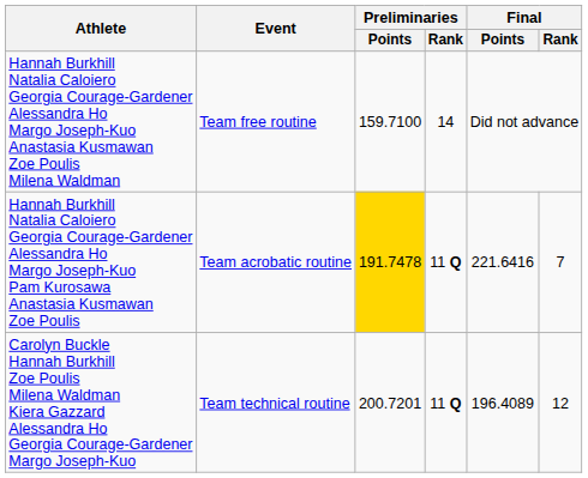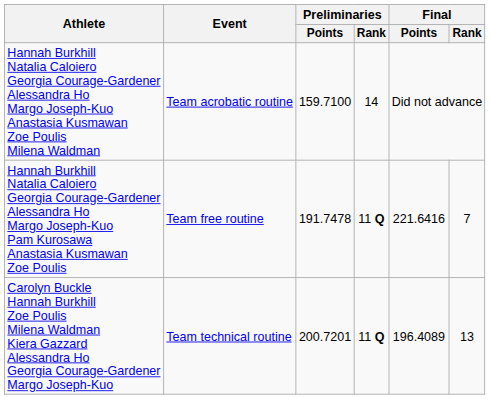 <table class="wikitable" style="text-align:center; font-size:90%;">
 <tr>
 <th rowspan="2">Athlete</th>
 <th rowspan="2">Event</th>
 <th colspan="2">Preliminaries</th>
 <th colspan="2">Final</th>
 </tr>
 <tr style="font-size:95%">
 <th>Points</th>
 <th>Rank</th>
 <th>Points</th>
 <th>Rank</th>
 </tr>
 <tr>
 <td align=left><a href='#'>Hannah Burkhill</a> <br> <a href='#'>Natalia Caloiero</a> <br> <a href='#'>Georgia Courage-Gardener</a> <br> <a href='#'>Alessandra Ho</a> <br> <a href='#'>Margo Joseph-Kuo</a> <br> <a href='#'>Anastasia Kusmawan</a> <br> <a href='#'>Zoe Poulis</a> <br> <a href='#'>Milena Waldman</a></td>
-<td align=left><a href='#'>Team free routine</a></td>
+<td align=left><a href='#'>Team acrobatic routine</a></td>
 <td>159.7100</td>
 <td>14</td>
 <td colspan=2>Did not advance</td>
 </tr>
 <tr>
 <td align=left><a href='#'>Hannah Burkhill</a> <br> <a href='#'>Natalia Caloiero</a> <br> <a href='#'>Georgia Courage-Gardener</a> <br> <a href='#'>Alessandra Ho</a> <br> <a href='#'>Margo Joseph-Kuo</a> <br> <a href='#'>Pam Kurosawa</a> <br> <a href='#'>Anastasia Kusmawan</a> <br> <a href='#'>Zoe Poulis</a> <br></td>
-<td align=left><a href='#'>Team acrobatic routine</a></td>
-<td style="background: gold;">191.7478</td>
+<td align=left><a href='#'>Team free routine</a></td>
+<td>191.7478</td>
 <td>11 <strong>Q</strong></td>
 <td>221.6416</td>
 <td>7</td>
 </tr>
 <tr>
 <td align=left><a href='#'>Carolyn Buckle</a> <br> <a href='#'>Hannah Burkhill</a> <br> <a href='#'>Zoe Poulis</a> <br> <a href='#'>Milena Waldman</a> <br> <a href='#'>Kiera Gazzard</a> <br> <a href='#'>Alessandra Ho</a> <br> <a href='#'>Georgia Courage-Gardener</a> <br> <a href='#'>Margo Joseph-Kuo</a></td>
 <td align=left><a href='#'>Team technical routine</a></td>
 <td>200.7201</td>
 <td>11 <strong>Q</strong></td>
 <td>196.4089</td>
-<td>12</td>
+<td>13</td>
 </tr>
 </table>
